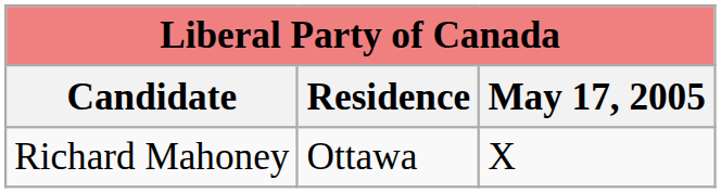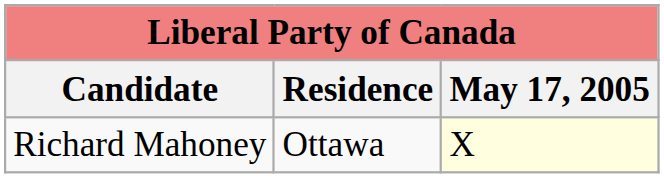 <table class="wikitable">
 <tr>
 <td style="text-align:center; background:lightcoral;" colspan="3"><strong>Liberal Party of Canada</strong></td>
 </tr>
 <tr>
 <th align="left">Candidate</th>
 <th style="text-align:center;">Residence</th>
 <th align="left">May 17, 2005</th>
 </tr>
 <tr>
 <td>Richard Mahoney</td>
 <td>Ottawa</td>
-<td>X</td>
+<td style="background: lightyellow;">X</td>
 </tr>
 </table>
